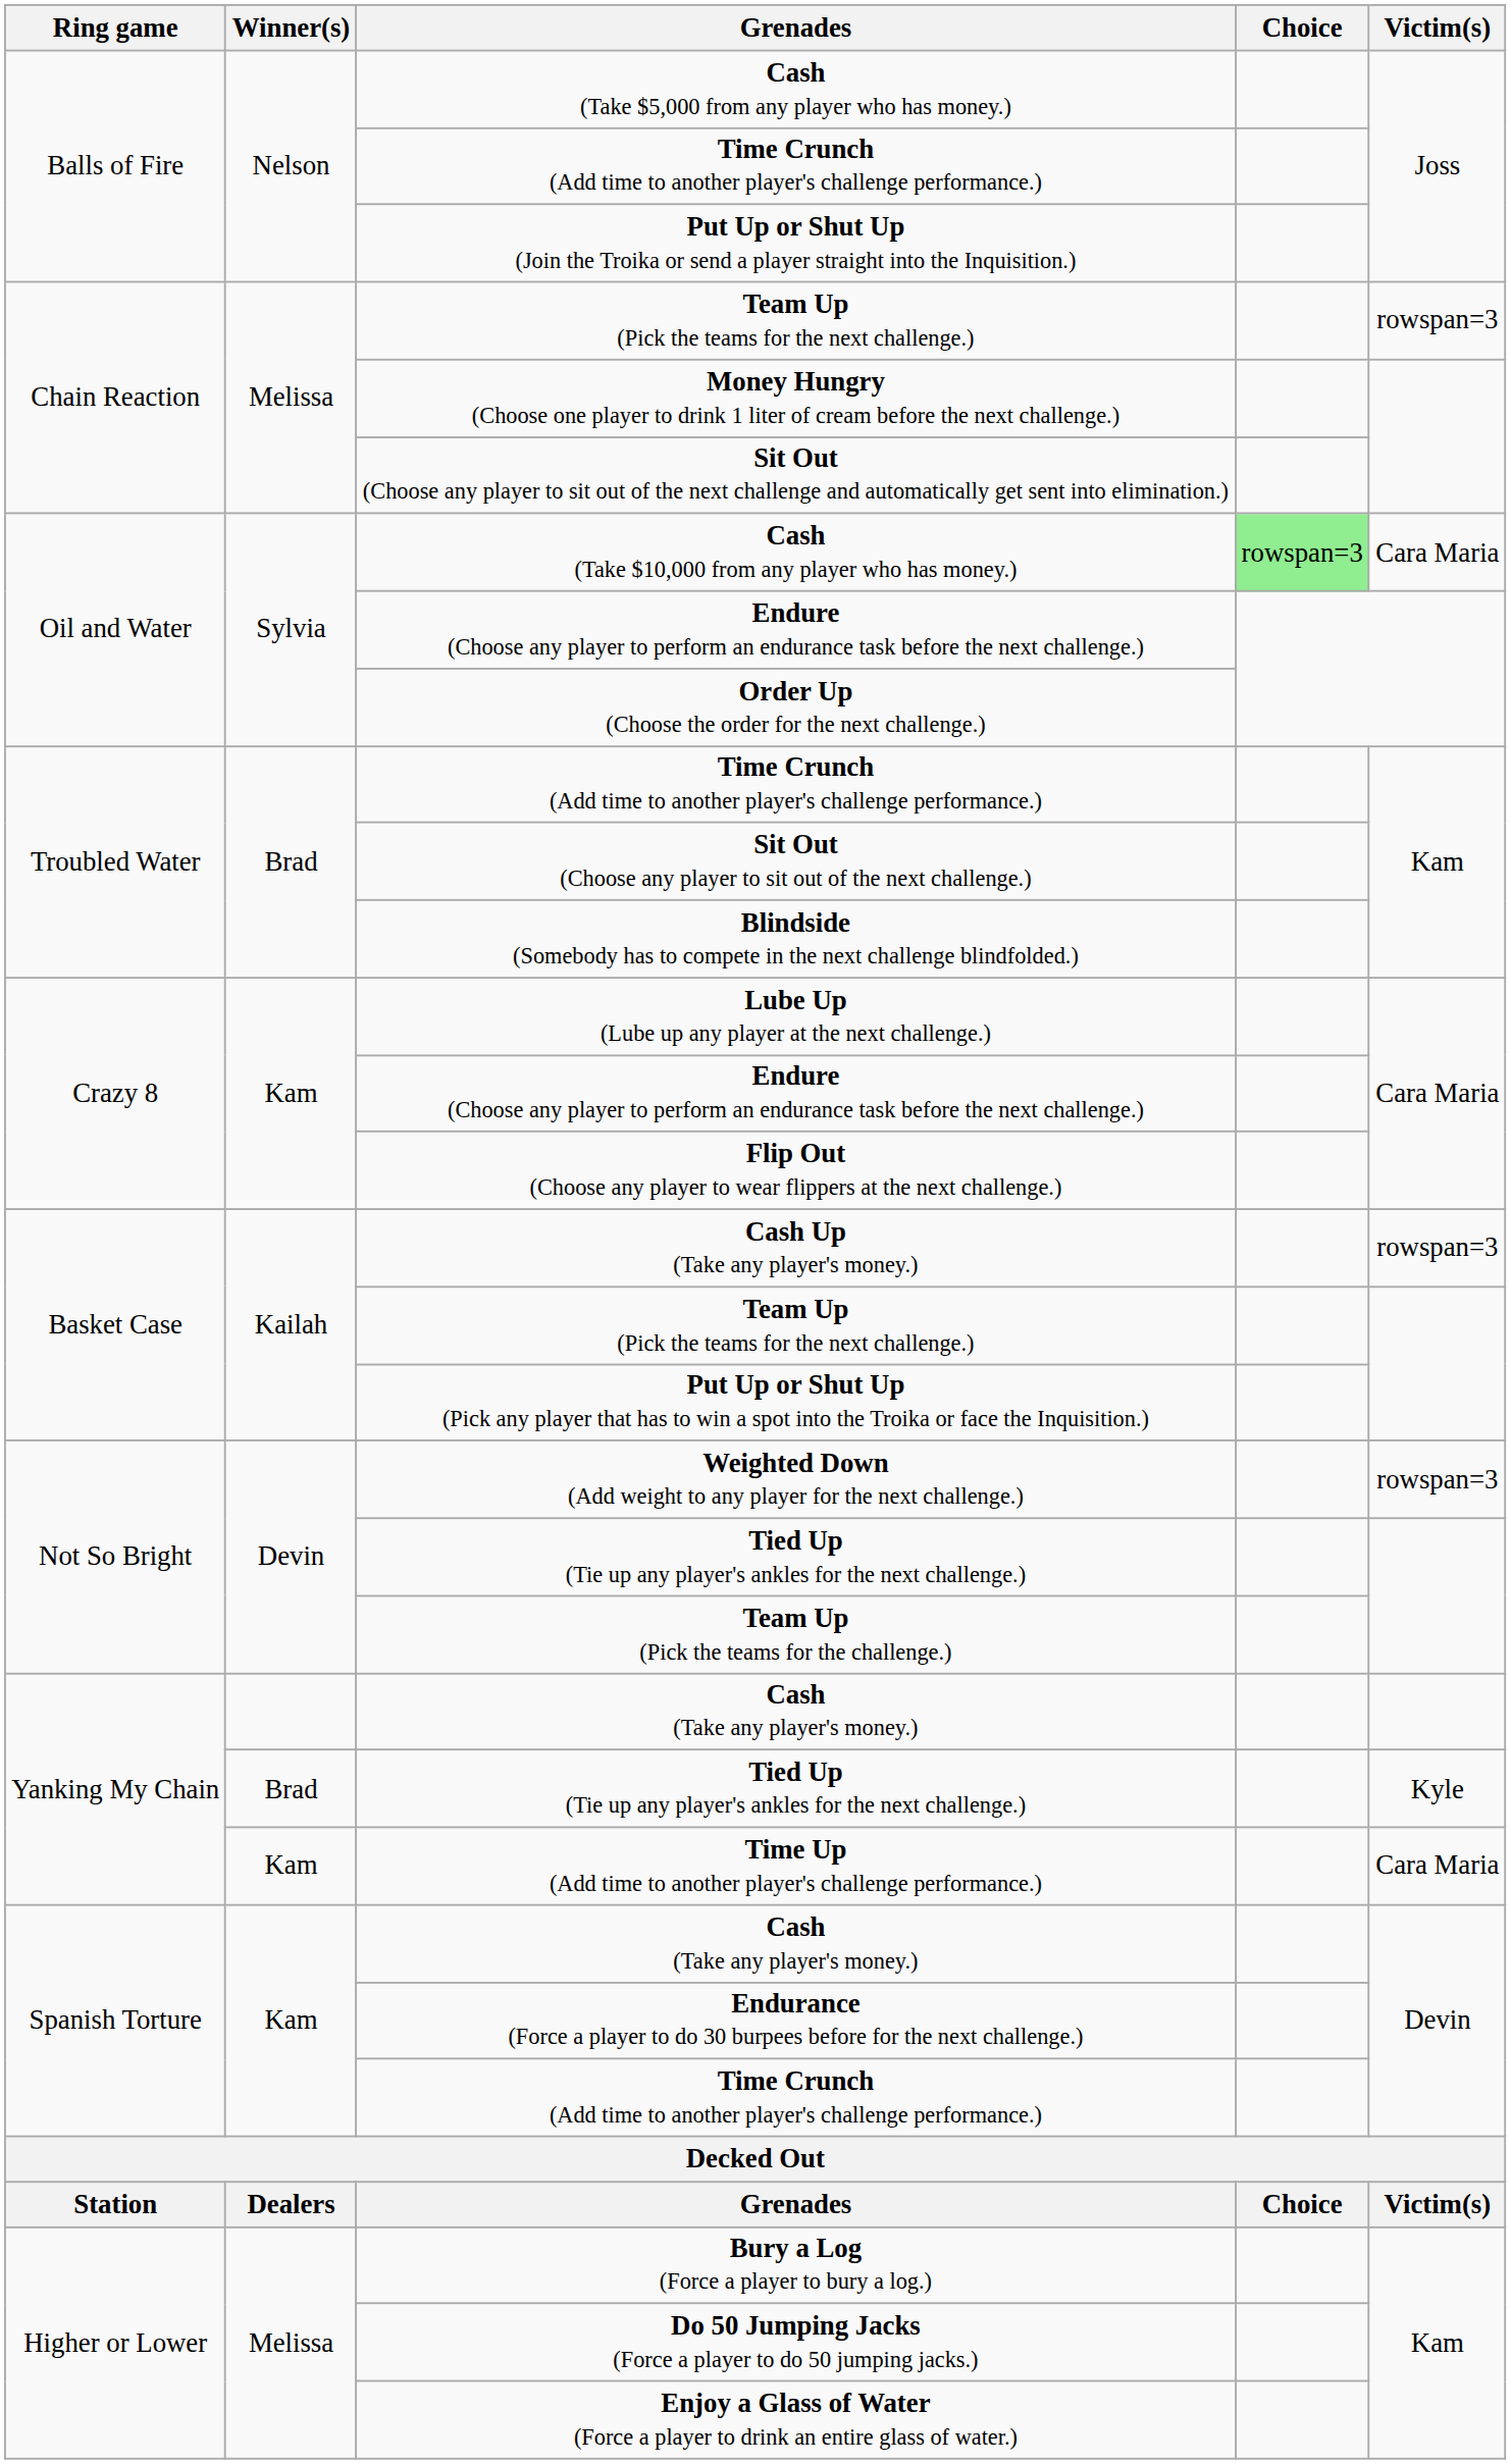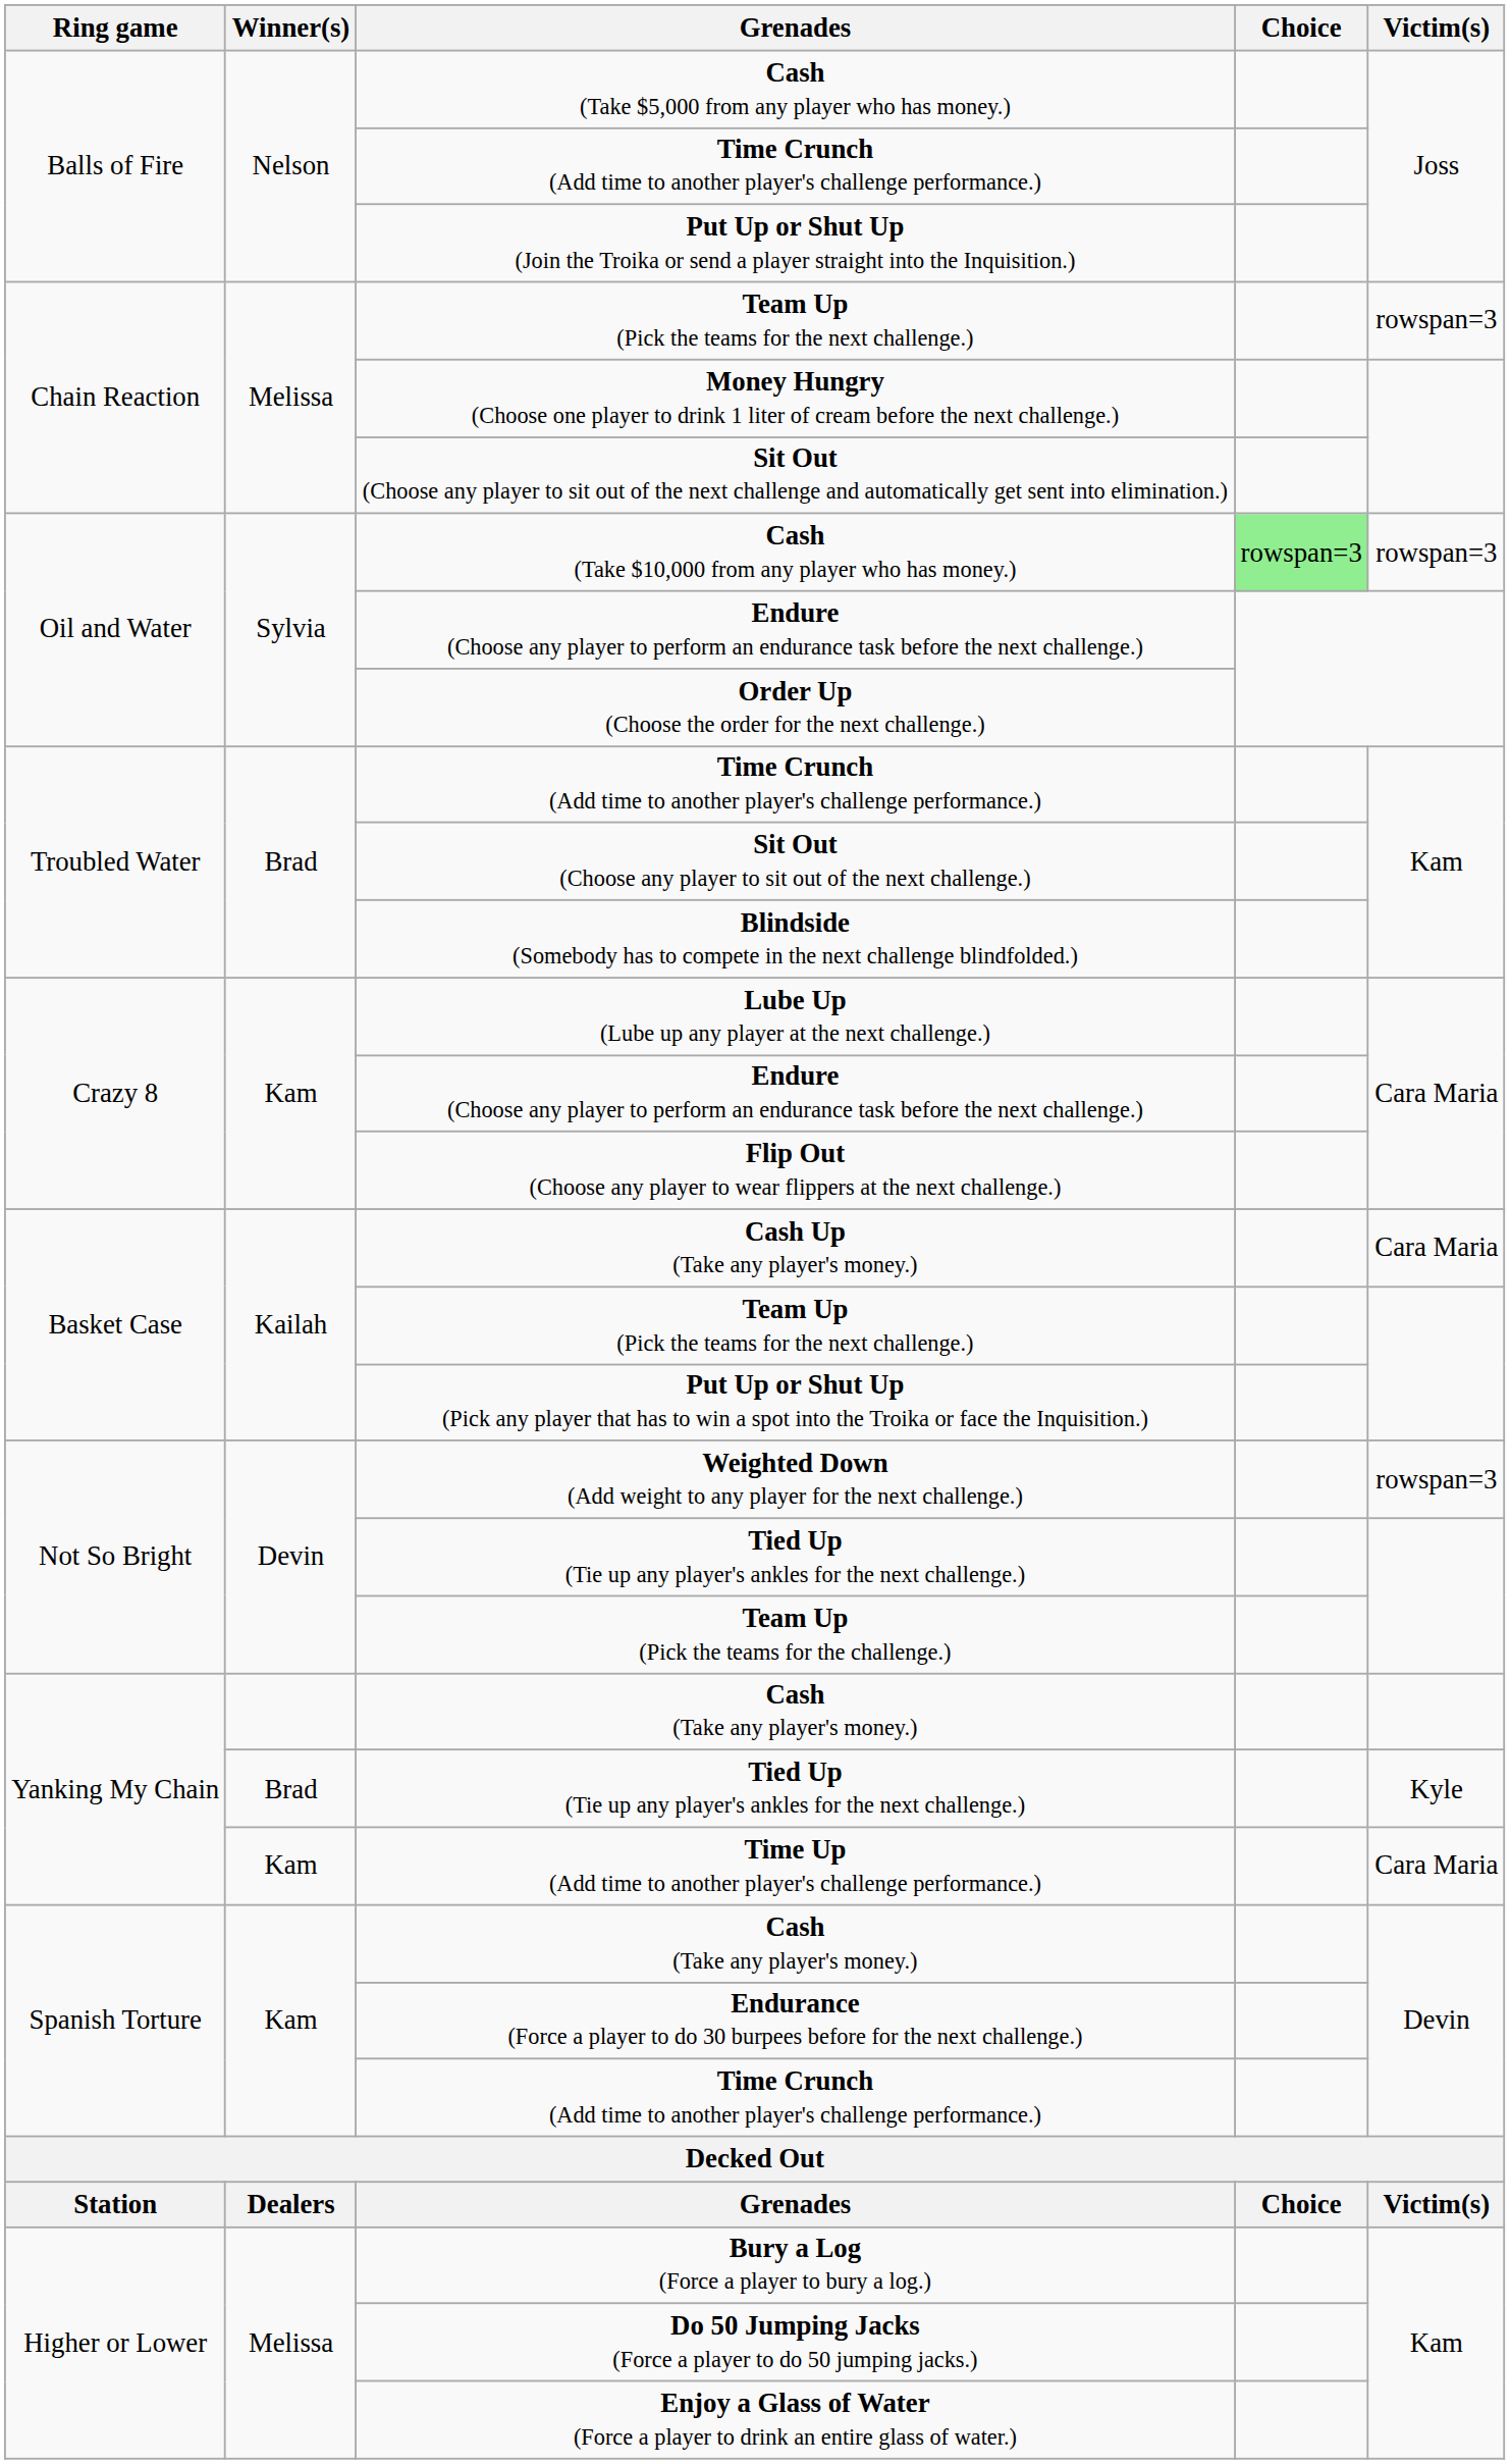 <table class="wikitable" style="text-align:center; font-size:90%">
 <tr>
 <th>Ring game</th>
 <th>Winner(s)</th>
 <th>Grenades</th>
 <th>Choice</th>
 <th>Victim(s)</th>
 </tr>
 <tr>
 <td rowspan=3>Balls of Fire</td>
 <td rowspan=3>Nelson</td>
 <td><strong>Cash</strong><br><small>(Take $5,000 from any player who has money.)</small></td>
 <td></td>
 <td rowspan=3>Joss</td>
 </tr>
 <tr>
 <td><strong>Time Crunch</strong><br><small>(Add time to another player's challenge performance.)</small></td>
 <td></td>
 </tr>
 <tr>
 <td><strong>Put Up or Shut Up</strong><br><small>(Join the Troika or send a player straight into the Inquisition.)</small></td>
 <td></td>
 </tr>
 <tr>
 <td rowspan=3>Chain Reaction</td>
 <td rowspan=3>Melissa</td>
 <td><strong>Team Up</strong><br><small>(Pick the teams for the next challenge.)</small></td>
 <td></td>
 <td>rowspan=3 </td>
 </tr>
 <tr>
 <td><strong>Money Hungry</strong><br><small>(Choose one player to drink 1 liter of cream before the next challenge.)</small></td>
 <td></td>
 </tr>
 <tr>
 <td><strong>Sit Out</strong><br><small>(Choose any player to sit out of the next challenge and automatically get sent into elimination.)</small></td>
 <td></td>
 </tr>
 <tr>
 <td rowspan=3>Oil and Water</td>
 <td rowspan=3>Sylvia</td>
 <td><strong>Cash</strong><br><small>(Take $10,000 from any player who has money.)</small></td>
 <td style="background: lightgreen;">rowspan=3 </td>
-<td>Cara Maria</td>
+<td>rowspan=3 </td>
 </tr>
 <tr>
 <td><strong>Endure</strong><br><small>(Choose any player to perform an endurance task before the next challenge.)</small></td>
 </tr>
 <tr>
 <td><strong>Order Up</strong><br><small>(Choose the order for the next challenge.)</small></td>
 </tr>
 <tr>
 <td rowspan=3>Troubled Water</td>
 <td rowspan=3>Brad</td>
 <td><strong>Time Crunch</strong><br><small>(Add time to another player's challenge performance.)</small></td>
 <td></td>
 <td rowspan=3>Kam</td>
 </tr>
 <tr>
 <td><strong>Sit Out</strong><br><small>(Choose any player to sit out of the next challenge.)</small></td>
 <td></td>
 </tr>
 <tr>
 <td><strong>Blindside</strong><br><small>(Somebody has to compete in the next challenge blindfolded.)</small></td>
 <td></td>
 </tr>
 <tr>
 <td rowspan=3>Crazy 8</td>
 <td rowspan=3>Kam</td>
 <td><strong>Lube Up</strong><br><small>(Lube up any player at the next challenge.)</small></td>
 <td></td>
 <td rowspan=3>Cara Maria</td>
 </tr>
 <tr>
 <td><strong>Endure</strong><br><small>(Choose any player to perform an endurance task before the next challenge.)</small></td>
 <td></td>
 </tr>
 <tr>
 <td><strong>Flip Out</strong><br><small>(Choose any player to wear flippers at the next challenge.)</small></td>
 <td></td>
 </tr>
 <tr>
 <td rowspan=3>Basket Case</td>
 <td rowspan=3>Kailah</td>
 <td><strong>Cash Up</strong><br><small>(Take any player's money.)</small></td>
 <td></td>
-<td>rowspan=3 </td>
+<td>Cara Maria</td>
 </tr>
 <tr>
 <td><strong>Team Up</strong><br><small>(Pick the teams for the next challenge.)</small></td>
 <td></td>
 </tr>
 <tr>
 <td><strong>Put Up or Shut Up</strong><br><small>(Pick any player that has to win a spot into the Troika or face the Inquisition.)</small></td>
 <td></td>
 </tr>
 <tr>
 <td rowspan=3>Not So Bright</td>
 <td rowspan=3>Devin</td>
 <td><strong>Weighted Down</strong><br><small>(Add weight to any player for the next challenge.)</small></td>
 <td></td>
 <td>rowspan=3 </td>
 </tr>
 <tr>
 <td><strong>Tied Up</strong><br><small>(Tie up any player's ankles for the next challenge.)</small></td>
 <td></td>
 </tr>
 <tr>
 <td><strong>Team Up</strong><br><small>(Pick the teams for the challenge.)</small></td>
 <td></td>
 </tr>
 <tr>
 <td rowspan=3>Yanking My Chain</td>
 <td></td>
 <td><strong>Cash</strong><br><small>(Take any player's money.)</small></td>
 <td></td>
 <td></td>
 </tr>
 <tr>
 <td>Brad</td>
 <td><strong>Tied Up</strong><br><small>(Tie up any player's ankles for the next challenge.)</small></td>
 <td></td>
 <td>Kyle</td>
 </tr>
 <tr>
 <td>Kam</td>
 <td><strong>Time Up</strong><br><small>(Add time to another player's challenge performance.)</small></td>
 <td></td>
 <td>Cara Maria</td>
 </tr>
 <tr>
 <td rowspan=3>Spanish Torture</td>
 <td rowspan=3>Kam</td>
 <td><strong>Cash</strong><br><small>(Take any player's money.)</small></td>
 <td></td>
 <td rowspan=3>Devin</td>
 </tr>
 <tr>
 <td><strong>Endurance</strong><br><small>(Force a player to do 30 burpees before for the next challenge.)</small></td>
 <td></td>
 </tr>
 <tr>
 <td><strong>Time Crunch</strong><br><small>(Add time to another player's challenge performance.)</small></td>
 <td></td>
 </tr>
 <tr>
 <th colspan=5>Decked Out</th>
 </tr>
 <tr>
 <th>Station</th>
 <th>Dealers</th>
 <th>Grenades</th>
 <th>Choice</th>
 <th>Victim(s)</th>
 </tr>
 <tr>
 <td rowspan=3>Higher or Lower</td>
 <td rowspan=3>Melissa</td>
 <td><strong>Bury a Log</strong><br><small>(Force a player to bury a log.)</small></td>
 <td></td>
 <td rowspan=3>Kam</td>
 </tr>
 <tr>
 <td><strong>Do 50 Jumping Jacks</strong><br><small>(Force a player to do 50 jumping jacks.)</small></td>
 <td></td>
 </tr>
 <tr>
 <td><strong>Enjoy a Glass of Water</strong><br><small>(Force a player to drink an entire glass of water.)</small></td>
 <td></td>
 </tr>
 </table>
